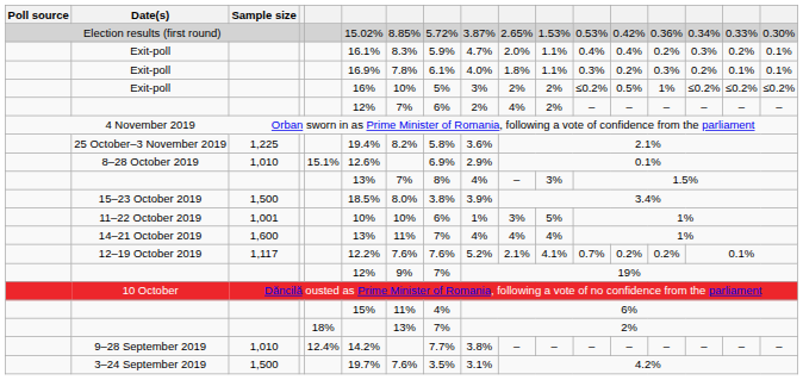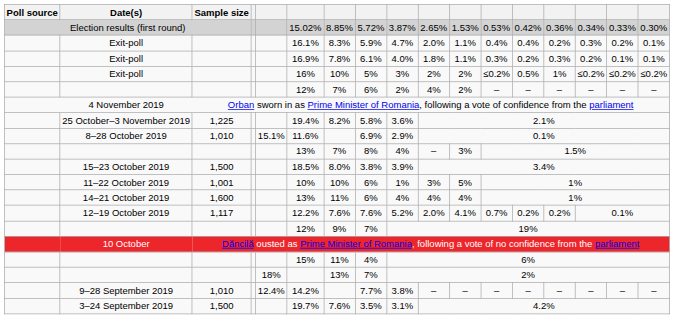 <table class="wikitable" style="text-align:center;font-size:small;">
 <tr>
 <th>Poll source</th>
 <th>Date(s)</th>
 <th>Sample size</th>
 <th></th>
 <th></th>
 <th></th>
 <th></th>
 <th></th>
 <th></th>
 <th></th>
 <th></th>
 <th></th>
 <th></th>
 <th></th>
 <th></th>
 <th></th>
 <th></th>
 </tr>
 <tr style="background:lightgrey;">
 <td colspan="3"> Election results (first round)</td>
 <td></td>
 <td></td>
 <td>15.02%</td>
 <td>8.85%</td>
 <td>5.72%</td>
 <td>3.87%</td>
 <td>2.65%</td>
 <td>1.53%</td>
 <td>0.53%</td>
 <td>0.42%</td>
 <td>0.36%</td>
 <td>0.34%</td>
 <td>0.33%</td>
 <td>0.30%</td>
 </tr>
 <tr>
 <td></td>
 <td>Exit-poll</td>
 <td></td>
 <td></td>
 <td></td>
 <td>16.1%</td>
 <td>8.3%</td>
 <td>5.9%</td>
 <td>4.7%</td>
 <td>2.0%</td>
 <td>1.1%</td>
 <td>0.4%</td>
 <td>0.4%</td>
 <td>0.2%</td>
 <td>0.3%</td>
 <td>0.2%</td>
 <td>0.1%</td>
 </tr>
 <tr>
 <td></td>
 <td>Exit-poll</td>
 <td></td>
 <td></td>
 <td></td>
 <td>16.9%</td>
 <td>7.8%</td>
 <td>6.1%</td>
 <td>4.0%</td>
 <td>1.8%</td>
 <td>1.1%</td>
 <td>0.3%</td>
 <td>0.2%</td>
 <td>0.3%</td>
 <td>0.2%</td>
 <td>0.1%</td>
 <td>0.1%</td>
 </tr>
 <tr>
 <td></td>
 <td>Exit-poll</td>
 <td></td>
 <td></td>
 <td></td>
 <td>16%</td>
 <td>10%</td>
 <td>5%</td>
 <td>3%</td>
 <td>2%</td>
 <td>2%</td>
 <td>≤0.2%</td>
 <td>0.5%</td>
 <td>1%</td>
 <td>≤0.2%</td>
 <td>≤0.2%</td>
 <td>≤0.2%</td>
 </tr>
 <tr>
 <td></td>
 <td></td>
 <td></td>
 <td></td>
 <td></td>
 <td>12%</td>
 <td>7%</td>
 <td>6%</td>
 <td>2%</td>
 <td>4%</td>
 <td>2%</td>
 <td>–</td>
 <td>–</td>
 <td>–</td>
 <td>–</td>
 <td>–</td>
 <td>–</td>
 </tr>
 <tr style="background:">
 <td style="border-right-style:hidden;"></td>
 <td style="border-right-style:hidden;">4 November 2019</td>
 <td colspan="21"><a href='#'>Orban</a> sworn in as <a href='#'>Prime Minister of Romania</a>, following a vote of confidence from the <a href='#'>parliament</a></td>
 </tr>
 <tr>
 <td></td>
 <td>25 October–3 November 2019</td>
 <td>1,225</td>
 <td></td>
 <td></td>
 <td>19.4%</td>
 <td>8.2%</td>
 <td>5.8%</td>
 <td>3.6%</td>
 <td colspan="8">2.1%</td>
 </tr>
 <tr>
 <td></td>
 <td>8–28 October 2019</td>
 <td>1,010</td>
 <td></td>
 <td>15.1%</td>
-<td>12.6%</td>
+<td>11.6%</td>
 <td></td>
 <td>6.9%</td>
 <td>2.9%</td>
 <td colspan="8">0.1%</td>
 </tr>
 <tr>
 <td></td>
 <td></td>
 <td></td>
 <td></td>
 <td></td>
 <td>13%</td>
 <td>7%</td>
 <td>8%</td>
 <td>4%</td>
 <td>–</td>
 <td>3%</td>
 <td colspan="6">1.5%</td>
 </tr>
 <tr>
 <td></td>
 <td>15–23 October 2019</td>
 <td>1,500</td>
 <td></td>
 <td></td>
 <td>18.5%</td>
 <td>8.0%</td>
 <td>3.8%</td>
 <td>3.9%</td>
 <td colspan="8">3.4%</td>
 </tr>
 <tr>
 <td></td>
 <td>11–22 October 2019</td>
 <td>1,001</td>
 <td></td>
 <td></td>
 <td>10%</td>
 <td>10%</td>
 <td>6%</td>
 <td>1%</td>
 <td>3%</td>
 <td>5%</td>
 <td colspan="6">1%</td>
 </tr>
 <tr>
 <td></td>
 <td>14–21 October 2019</td>
 <td>1,600</td>
 <td></td>
 <td></td>
 <td>13%</td>
 <td>11%</td>
-<td>7%</td>
+<td>6%</td>
 <td>4%</td>
 <td>4%</td>
 <td>4%</td>
 <td colspan="6">1%</td>
 </tr>
 <tr>
 <td></td>
 <td>12–19 October 2019</td>
 <td>1,117</td>
 <td></td>
 <td></td>
 <td>12.2%</td>
 <td>7.6%</td>
 <td>7.6%</td>
 <td>5.2%</td>
-<td>2.1%</td>
+<td>2.0%</td>
 <td>4.1%</td>
 <td>0.7%</td>
 <td>0.2%</td>
 <td>0.2%</td>
 <td colspan="3">0.1%</td>
 </tr>
 <tr>
 <td></td>
 <td></td>
 <td></td>
 <td></td>
 <td></td>
 <td>12%</td>
 <td>9%</td>
 <td>7%</td>
 <td colspan="9">19%</td>
 </tr>
 <tr style="background:#ED262B; color:white;">
 <td style="border-right-style:hidden;"></td>
 <td style="border-right-style:hidden; ">10 October</td>
 <td colspan="16"><a href='#'>Dăncilă</a> ousted as <a href='#'>Prime Minister of Romania</a>, following a vote of no confidence from the <a href='#'>parliament</a></td>
 </tr>
 <tr>
 <td></td>
 <td></td>
 <td></td>
 <td></td>
 <td></td>
 <td>15%</td>
 <td>11%</td>
 <td>4%</td>
 <td colspan="9">6%</td>
 </tr>
 <tr>
 <td></td>
 <td></td>
 <td></td>
 <td></td>
 <td>18%</td>
 <td></td>
 <td>13%</td>
 <td>7%</td>
 <td colspan="9">2%</td>
 </tr>
 <tr>
 <td></td>
 <td>9–28 September 2019</td>
 <td>1,010</td>
 <td></td>
 <td>12.4%</td>
 <td>14.2%</td>
 <td></td>
 <td>7.7%</td>
 <td>3.8%</td>
 <td>–</td>
 <td>–</td>
 <td>–</td>
 <td>–</td>
 <td>–</td>
 <td>–</td>
 <td>–</td>
 <td>–</td>
 </tr>
 <tr>
 <td></td>
 <td>3–24 September 2019</td>
 <td>1,500</td>
 <td></td>
 <td></td>
 <td>19.7%</td>
 <td>7.6%</td>
 <td>3.5%</td>
 <td>3.1%</td>
 <td colspan="8">4.2%</td>
 </tr>
 </table>
